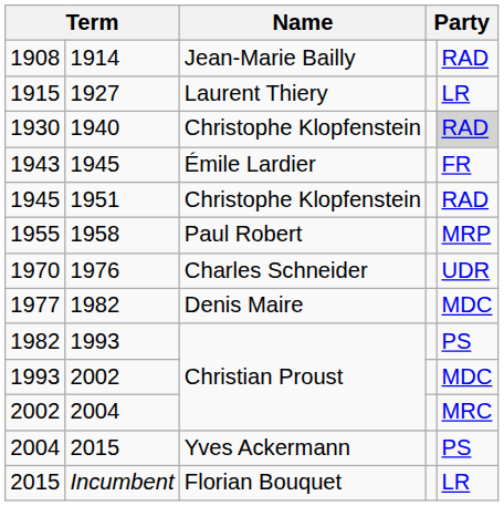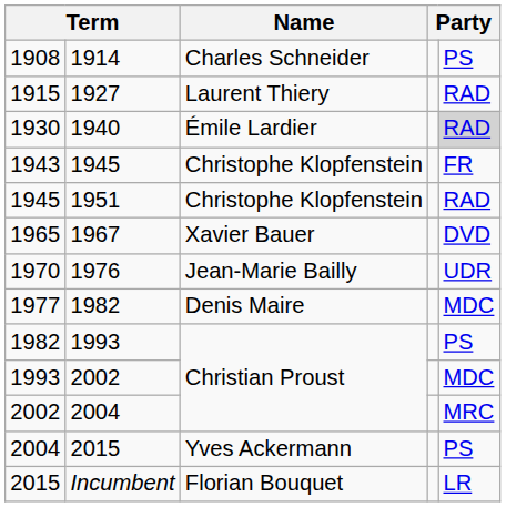 <table class="wikitable">
 <tr>
 <th colspan="2">Term</th>
 <th>Name</th>
 <th colspan="2">Party</th>
 </tr>
 <tr>
 <td>1908</td>
 <td>1914</td>
-<td>Jean-Marie Bailly</td>
+<td>Charles Schneider</td>
 <td style="background:"></td>
-<td><a href='#'>RAD</a></td>
+<td><a href='#'>PS</a></td>
 </tr>
 <tr>
 <td>1915</td>
 <td>1927</td>
 <td>Laurent Thiery</td>
 <td style="background:"></td>
-<td><a href='#'>LR</a></td>
+<td><a href='#'>RAD</a></td>
 </tr>
 <tr>
 <td>1930</td>
 <td>1940</td>
-<td>Christophe Klopfenstein</td>
+<td>Émile Lardier</td>
 <td style="background:"></td>
 <td style="background: lightgrey;"><a href='#'>RAD</a></td>
 </tr>
 <tr>
 <td>1943</td>
 <td>1945</td>
-<td>Émile Lardier</td>
+<td>Christophe Klopfenstein</td>
 <td style="background:"></td>
 <td><a href='#'>FR</a></td>
 </tr>
 <tr>
 <td>1945</td>
 <td>1951</td>
 <td>Christophe Klopfenstein</td>
 <td style="background:"></td>
 <td><a href='#'>RAD</a></td>
 </tr>
 <tr>
-<td>1955</td>
-<td>1958</td>
-<td>Paul Robert</td>
+<td>1965</td>
+<td>1967</td>
+<td>Xavier Bauer</td>
 <td style="background:"></td>
-<td><a href='#'>MRP</a></td>
+<td><a href='#'>DVD</a></td>
 </tr>
 <tr>
 <td>1970</td>
 <td>1976</td>
-<td>Charles Schneider</td>
+<td>Jean-Marie Bailly</td>
 <td style="background:"></td>
 <td><a href='#'>UDR</a></td>
 </tr>
 <tr>
 <td>1977</td>
 <td>1982</td>
 <td>Denis Maire</td>
 <td style="background:"></td>
 <td><a href='#'>MDC</a></td>
 </tr>
 <tr>
 <td>1982</td>
 <td>1993</td>
 <td rowspan="3">Christian Proust</td>
 <td style="background:"></td>
 <td><a href='#'>PS</a></td>
 </tr>
 <tr>
 <td>1993</td>
 <td>2002</td>
 <td style="background:"></td>
 <td><a href='#'>MDC</a></td>
 </tr>
 <tr>
 <td>2002</td>
 <td>2004</td>
 <td style="background:"></td>
 <td><a href='#'>MRC</a></td>
 </tr>
 <tr>
 <td>2004</td>
 <td>2015</td>
 <td>Yves Ackermann</td>
 <td style="background:"></td>
 <td><a href='#'>PS</a></td>
 </tr>
 <tr>
 <td>2015</td>
 <td><em>Incumbent</em></td>
 <td>Florian Bouquet</td>
 <td style="background:"></td>
 <td><a href='#'>LR</a></td>
 </tr>
 </table>
